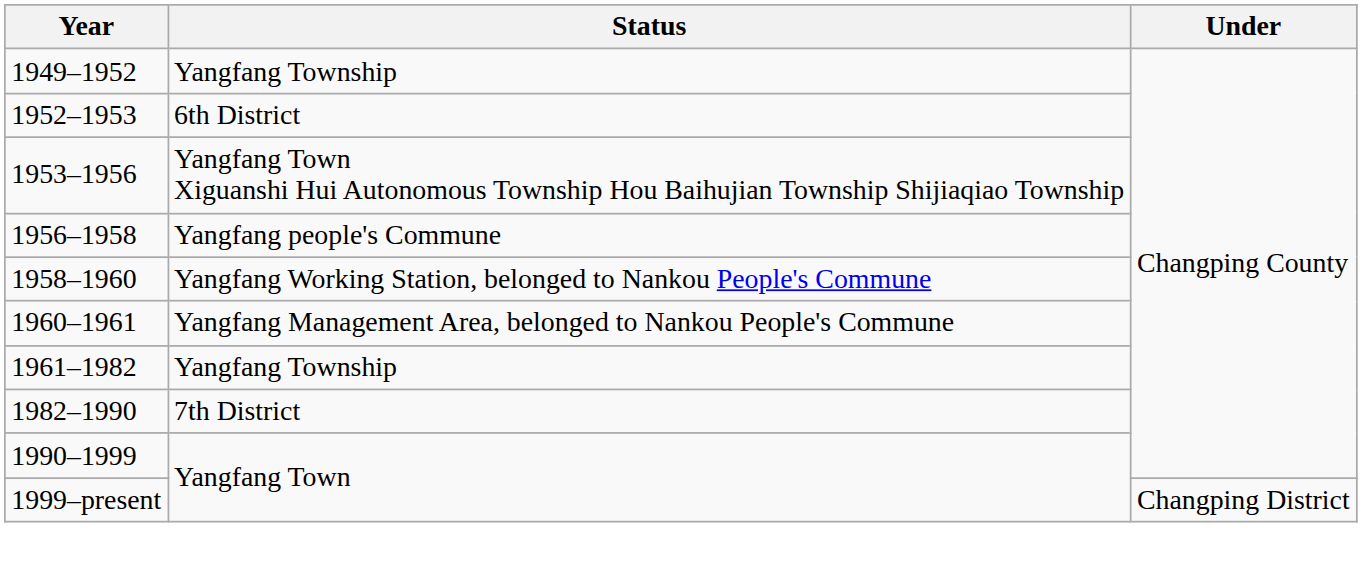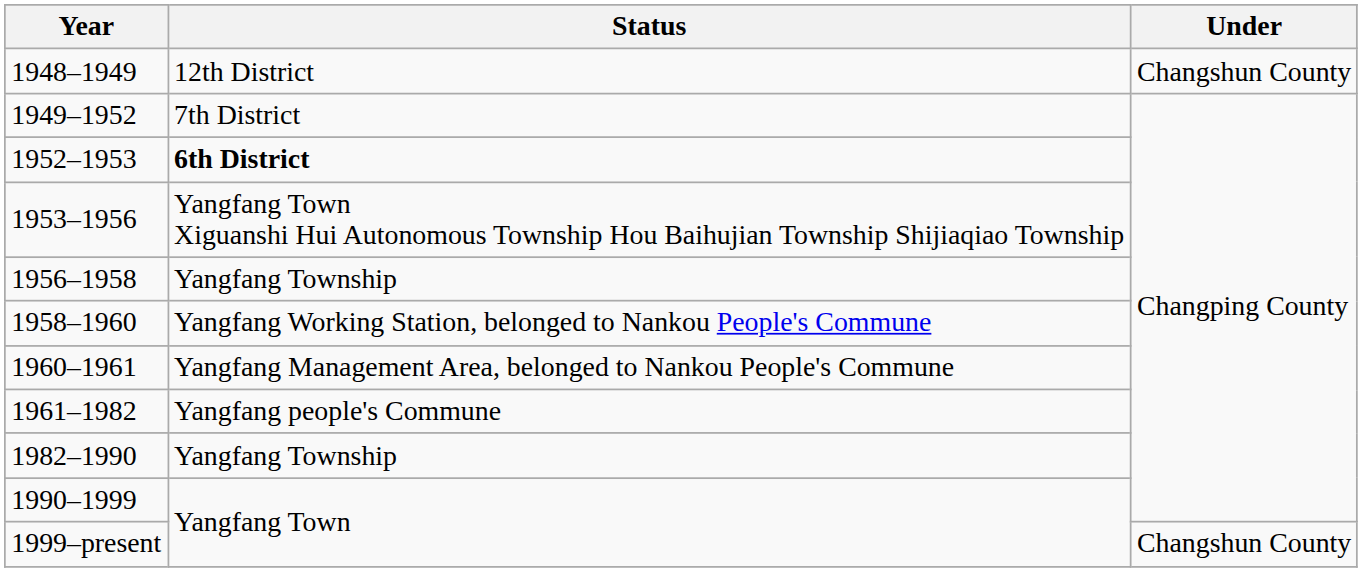 <table class="wikitable">
 <tr>
 <th>Year</th>
 <th>Status</th>
 <th>Under</th>
 </tr>
 <tr>
+<td>1948–1949</td>
+<td>12th District</td>
+<td>Changshun County</td>
+</tr>
+<tr>
 <td>1949–1952</td>
-<td>Yangfang Township</td>
+<td>7th District</td>
 <td rowspan="9">Changping County</td>
 </tr>
 <tr>
 <td>1952–1953</td>
-<td>6th District</td>
+<td><strong>6th District</strong></td>
 </tr>
 <tr>
 <td>1953–1956</td>
 <td>Yangfang Town<br>Xiguanshi Hui Autonomous Township Hou Baihujian Township Shijiaqiao Township</td>
 </tr>
 <tr>
 <td>1956–1958</td>
-<td>Yangfang people's Commune</td>
+<td>Yangfang Township</td>
 </tr>
 <tr>
 <td>1958–1960</td>
 <td>Yangfang Working Station, belonged to Nankou <a href='#'>People's Commune</a></td>
 </tr>
 <tr>
 <td>1960–1961</td>
 <td>Yangfang Management Area, belonged to Nankou People's Commune</td>
 </tr>
 <tr>
 <td>1961–1982</td>
-<td>Yangfang Township</td>
+<td>Yangfang people's Commune</td>
 </tr>
 <tr>
 <td>1982–1990</td>
-<td>7th District</td>
+<td>Yangfang Township</td>
 </tr>
 <tr>
 <td>1990–1999</td>
 <td rowspan="2">Yangfang Town</td>
 </tr>
 <tr>
 <td>1999–present</td>
-<td>Changping District</td>
+<td>Changshun County</td>
 </tr>
 </table>
